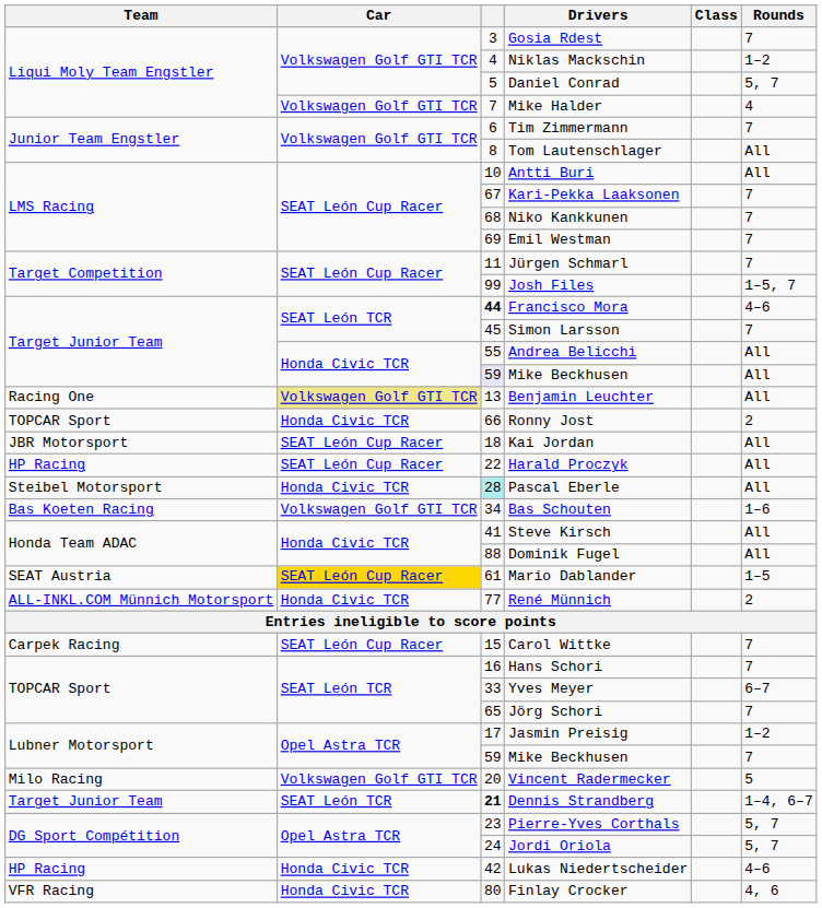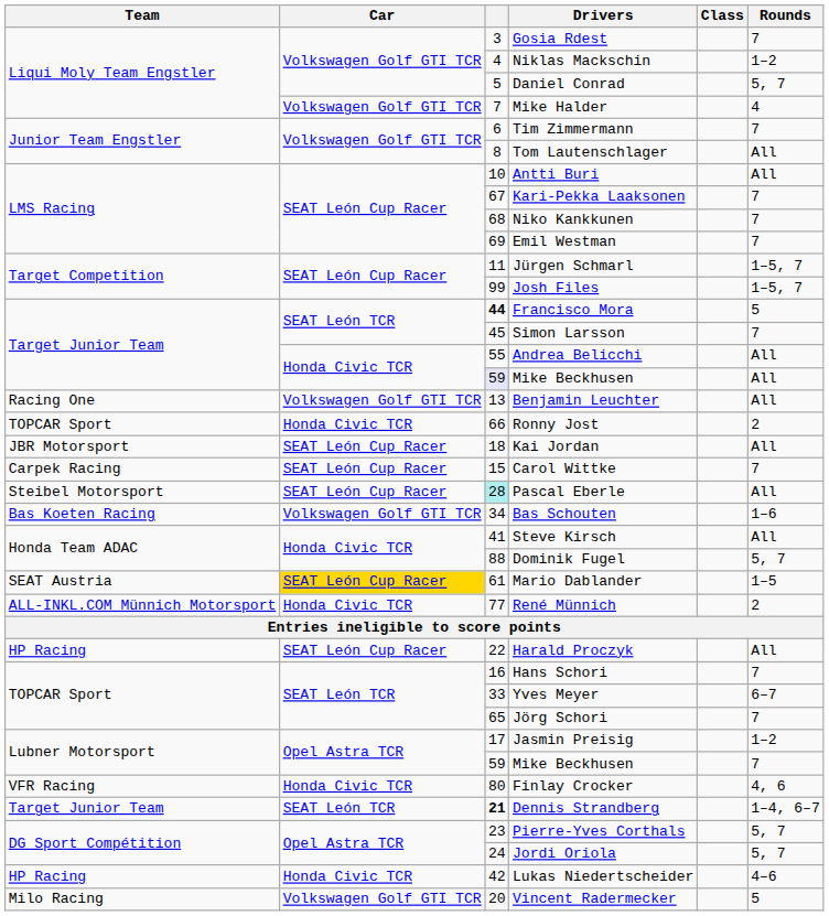 <table class="wikitable" style="font-size: 85%">
 <tr>
 <th>Team</th>
 <th>Car</th>
 <th></th>
 <th>Drivers</th>
 <th>Class</th>
 <th>Rounds</th>
 </tr>
 <tr>
 <td rowspan=4> <a href='#'>Liqui Moly Team Engstler</a></td>
 <td rowspan=3><a href='#'>Volkswagen Golf GTI TCR</a></td>
 <td align="center">3</td>
 <td> <a href='#'>Gosia Rdest</a></td>
 <td></td>
 <td>7</td>
 </tr>
 <tr>
 <td align="center">4</td>
 <td> Niklas Mackschin</td>
 <td></td>
 <td>1–2</td>
 </tr>
 <tr>
 <td align="center">5</td>
 <td> Daniel Conrad</td>
 <td align="center"></td>
 <td>5, 7</td>
 </tr>
 <tr>
 <td><a href='#'>Volkswagen Golf GTI TCR</a></td>
 <td align="center">7</td>
 <td> Mike Halder</td>
 <td></td>
 <td>4</td>
 </tr>
 <tr>
 <td rowspan=2> <a href='#'>Junior Team Engstler</a></td>
 <td rowspan=2><a href='#'>Volkswagen Golf GTI TCR</a></td>
 <td align="center">6</td>
 <td> Tim Zimmermann</td>
 <td></td>
 <td>7</td>
 </tr>
 <tr>
 <td align="center">8</td>
 <td> Tom Lautenschlager</td>
 <td align="center"></td>
 <td>All</td>
 </tr>
 <tr>
 <td rowspan=4> <a href='#'>LMS Racing</a></td>
 <td rowspan=4><a href='#'>SEAT León Cup Racer</a></td>
 <td align="center">10</td>
 <td> <a href='#'>Antti Buri</a></td>
 <td></td>
 <td>All</td>
 </tr>
 <tr>
 <td align="center">67</td>
 <td> <a href='#'>Kari-Pekka Laaksonen</a></td>
 <td></td>
 <td>7</td>
 </tr>
 <tr>
 <td align="center">68</td>
 <td> Niko Kankkunen</td>
 <td align="center"></td>
 <td>7</td>
 </tr>
 <tr>
 <td align="center">69</td>
 <td> Emil Westman</td>
 <td></td>
 <td>7</td>
 </tr>
 <tr>
 <td rowspan=2> <a href='#'>Target Competition</a></td>
 <td rowspan="2"><a href='#'>SEAT León Cup Racer</a></td>
 <td align="center">11</td>
 <td> Jürgen Schmarl</td>
 <td></td>
-<td>7</td>
+<td>1–5, 7</td>
 </tr>
 <tr>
 <td align="center">99</td>
 <td> <a href='#'>Josh Files</a></td>
 <td></td>
 <td>1–5, 7</td>
 </tr>
 <tr>
 <td rowspan=4> <a href='#'>Target Junior Team</a></td>
 <td rowspan=2><a href='#'>SEAT León TCR</a></td>
 <td align="center"><strong>44</strong></td>
 <td> <a href='#'>Francisco Mora</a></td>
 <td></td>
-<td>4–6</td>
+<td>5</td>
 </tr>
 <tr>
 <td align="center">45</td>
 <td> Simon Larsson</td>
 <td align="center"></td>
 <td>7</td>
 </tr>
 <tr>
 <td rowspan=2><a href='#'>Honda Civic TCR</a></td>
 <td align="center">55</td>
 <td> <a href='#'>Andrea Belicchi</a></td>
 <td></td>
 <td>All</td>
 </tr>
 <tr>
 <td align="center" style="background: lavender;">59</td>
 <td> Mike Beckhusen</td>
 <td align="center"></td>
 <td>All</td>
 </tr>
 <tr>
 <td> Racing One</td>
-<td style="background: khaki;"><a href='#'>Volkswagen Golf GTI TCR</a></td>
+<td><a href='#'>Volkswagen Golf GTI TCR</a></td>
 <td align="center">13</td>
 <td> <a href='#'>Benjamin Leuchter</a></td>
 <td></td>
 <td>All</td>
 </tr>
 <tr>
 <td> TOPCAR Sport</td>
 <td><a href='#'>Honda Civic TCR</a></td>
 <td align="center">66</td>
 <td> Ronny Jost</td>
 <td></td>
 <td>2</td>
 </tr>
 <tr>
 <td> JBR Motorsport</td>
 <td><a href='#'>SEAT León Cup Racer</a></td>
 <td align="center">18</td>
 <td> Kai Jordan</td>
 <td></td>
 <td>All</td>
 </tr>
 <tr>
-<td> <a href='#'>HP Racing</a></td>
+<td> Carpek Racing</td>
 <td><a href='#'>SEAT León Cup Racer</a></td>
-<td align="center">22</td>
-<td> <a href='#'>Harald Proczyk</a></td>
+<td align="center">15</td>
+<td> Carol Wittke</td>
 <td></td>
-<td>All</td>
+<td>7</td>
 </tr>
 <tr>
 <td> Steibel Motorsport</td>
-<td><a href='#'>Honda Civic TCR</a></td>
+<td><a href='#'>SEAT León Cup Racer</a></td>
 <td align="center" style="background: paleturquoise;">28</td>
 <td> Pascal Eberle</td>
 <td></td>
 <td>All</td>
 </tr>
 <tr>
 <td> <a href='#'>Bas Koeten Racing</a></td>
 <td><a href='#'>Volkswagen Golf GTI TCR</a></td>
 <td align="center">34</td>
 <td> <a href='#'>Bas Schouten</a></td>
 <td></td>
 <td>1–6</td>
 </tr>
 <tr>
 <td rowspan=2> Honda Team ADAC</td>
 <td rowspan=2><a href='#'>Honda Civic TCR</a></td>
 <td align="center">41</td>
 <td> Steve Kirsch</td>
 <td></td>
 <td>All</td>
 </tr>
 <tr>
 <td align="center">88</td>
 <td> Dominik Fugel</td>
 <td align="center"></td>
-<td>All</td>
+<td>5, 7</td>
 </tr>
 <tr>
 <td> SEAT Austria</td>
 <td style="background: gold;"><a href='#'>SEAT León Cup Racer</a></td>
 <td align="center">61</td>
 <td> Mario Dablander</td>
 <td></td>
 <td>1–5</td>
 </tr>
 <tr>
 <td> <a href='#'>ALL-INKL.COM Münnich Motorsport</a></td>
 <td><a href='#'>Honda Civic TCR</a></td>
 <td align="center">77</td>
 <td> <a href='#'>René Münnich</a></td>
 <td></td>
 <td>2</td>
 </tr>
 <tr>
 <th colspan="6">Entries ineligible to score points</th>
 </tr>
 <tr>
-<td> Carpek Racing</td>
+<td> <a href='#'>HP Racing</a></td>
 <td><a href='#'>SEAT León Cup Racer</a></td>
-<td align="center">15</td>
-<td> Carol Wittke</td>
+<td align="center">22</td>
+<td> <a href='#'>Harald Proczyk</a></td>
 <td></td>
-<td>7</td>
+<td>All</td>
 </tr>
 <tr>
 <td rowspan=3> TOPCAR Sport</td>
 <td rowspan=3><a href='#'>SEAT León TCR</a></td>
 <td align="center">16</td>
 <td> Hans Schori</td>
 <td></td>
 <td>7</td>
 </tr>
 <tr>
 <td align="center">33</td>
 <td> Yves Meyer</td>
 <td></td>
 <td>6–7</td>
 </tr>
 <tr>
 <td align="center">65</td>
 <td> Jörg Schori</td>
 <td></td>
 <td>7</td>
 </tr>
 <tr>
 <td rowspan=2> Lubner Motorsport</td>
 <td rowspan=2><a href='#'>Opel Astra TCR</a></td>
 <td align="center">17</td>
 <td> Jasmin Preisig</td>
 <td></td>
 <td>1–2</td>
 </tr>
 <tr>
 <td align="center">59</td>
 <td> Mike Beckhusen</td>
 <td></td>
 <td>7</td>
 </tr>
 <tr>
-<td> Milo Racing</td>
-<td><a href='#'>Volkswagen Golf GTI TCR</a></td>
-<td align="center">20</td>
-<td> <a href='#'>Vincent Radermecker</a></td>
+<td> VFR Racing</td>
+<td><a href='#'>Honda Civic TCR</a></td>
+<td align="center">80</td>
+<td> Finlay Crocker</td>
 <td></td>
-<td>5</td>
+<td>4, 6</td>
 </tr>
 <tr>
 <td> <a href='#'>Target Junior Team</a></td>
 <td><a href='#'>SEAT León TCR</a></td>
 <td align="center"><strong>21</strong></td>
 <td> <a href='#'>Dennis Strandberg</a></td>
 <td></td>
 <td>1–4, 6–7</td>
 </tr>
 <tr>
 <td rowspan=2> <a href='#'>DG Sport Compétition</a></td>
 <td rowspan=2><a href='#'>Opel Astra TCR</a></td>
 <td align="center">23</td>
 <td> <a href='#'>Pierre-Yves Corthals</a></td>
 <td></td>
 <td>5, 7</td>
 </tr>
 <tr>
 <td align="center">24</td>
 <td> <a href='#'>Jordi Oriola</a></td>
 <td></td>
 <td>5, 7</td>
 </tr>
 <tr>
 <td> <a href='#'>HP Racing</a></td>
 <td><a href='#'>Honda Civic TCR</a></td>
 <td align="center">42</td>
 <td> Lukas Niedertscheider</td>
 <td></td>
 <td>4–6</td>
 </tr>
 <tr>
-<td> VFR Racing</td>
-<td><a href='#'>Honda Civic TCR</a></td>
-<td align="center">80</td>
-<td> Finlay Crocker</td>
+<td> Milo Racing</td>
+<td><a href='#'>Volkswagen Golf GTI TCR</a></td>
+<td align="center">20</td>
+<td> <a href='#'>Vincent Radermecker</a></td>
 <td></td>
-<td>4, 6</td>
+<td>5</td>
 </tr>
 </table>
